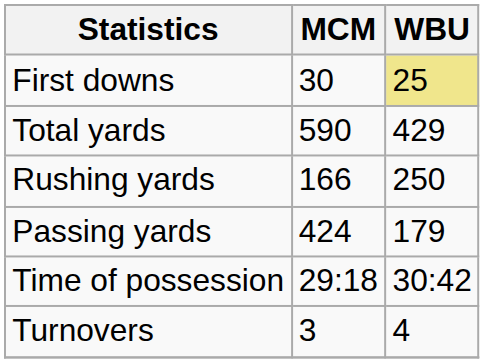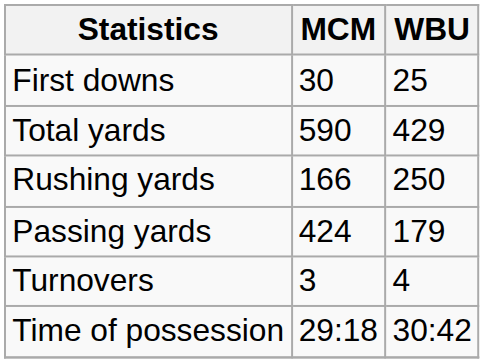 <table class="wikitable">
 <tr>
 <th>Statistics</th>
 <th>MCM</th>
 <th>WBU</th>
 </tr>
 <tr>
 <td>First downs</td>
 <td>30</td>
-<td style="background: khaki;">25</td>
+<td>25</td>
 </tr>
 <tr>
 <td>Total yards</td>
 <td>590</td>
 <td>429</td>
 </tr>
 <tr>
 <td>Rushing yards</td>
 <td>166</td>
 <td>250</td>
 </tr>
 <tr>
 <td>Passing yards</td>
 <td>424</td>
 <td>179</td>
 </tr>
 <tr>
+<td>Turnovers</td>
+<td>3</td>
+<td>4</td>
+</tr>
+<tr>
 <td>Time of possession</td>
 <td>29:18</td>
 <td>30:42</td>
 </tr>
 <tr>
-<td>Turnovers</td>
-<td>3</td>
-<td>4</td>
-</tr>
-<tr>
 </tr>
 </table>
